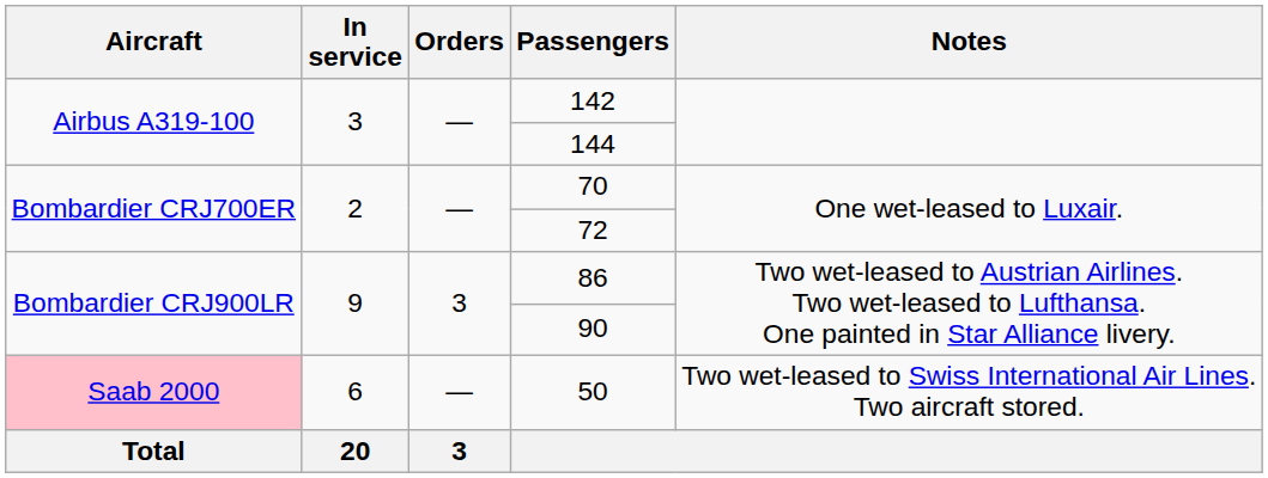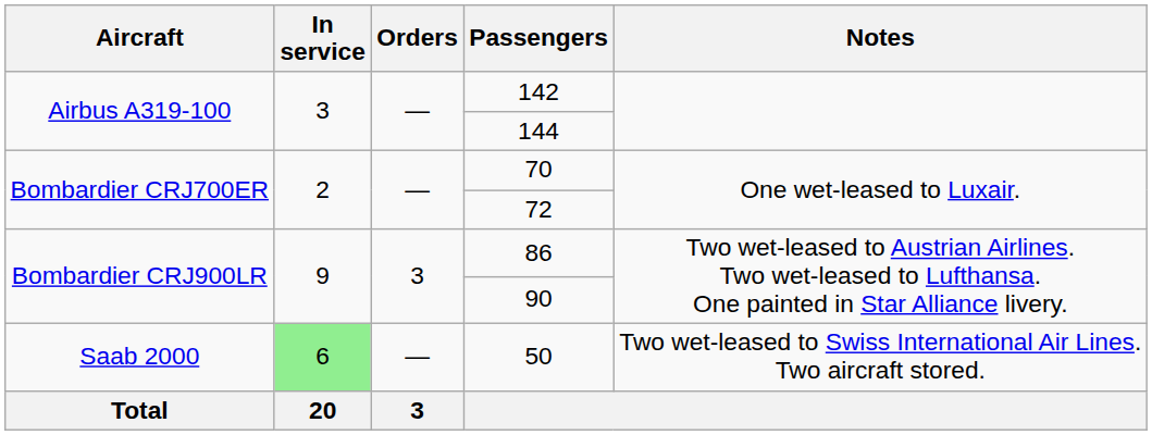 <table class="wikitable" style="margin:0.5em auto; text-align:center">
 <tr>
 <th>Aircraft</th>
 <th>In <br> service</th>
 <th>Orders</th>
 <th>Passengers</th>
 <th>Notes</th>
 </tr>
 <tr>
 <td rowspan=2><a href='#'>Airbus A319-100</a></td>
 <td rowspan=2>3</td>
 <td rowspan=2>—</td>
 <td>142</td>
 <td rowspan=2></td>
 </tr>
 <tr>
 <td>144</td>
 </tr>
 <tr>
 <td rowspan=2><a href='#'>Bombardier CRJ700ER</a></td>
 <td rowspan=2>2</td>
 <td rowspan=2>—</td>
 <td>70</td>
 <td rowspan=2>One wet-leased to <a href='#'>Luxair</a>.</td>
 </tr>
 <tr>
 <td>72</td>
 </tr>
 <tr>
 <td rowspan=2><a href='#'>Bombardier CRJ900LR</a></td>
 <td rowspan=2>9</td>
 <td rowspan=2>3</td>
 <td>86</td>
 <td rowspan=2>Two wet-leased to <a href='#'>Austrian Airlines</a>.<br>Two wet-leased to <a href='#'>Lufthansa</a>.<br>One painted in <a href='#'>Star Alliance</a> livery.</td>
 </tr>
 <tr>
 <td>90</td>
 </tr>
 <tr>
-<td style="background: pink;"><a href='#'>Saab 2000</a></td>
-<td>6</td>
+<td><a href='#'>Saab 2000</a></td>
+<td style="background: lightgreen;">6</td>
 <td>—</td>
 <td>50</td>
 <td>Two wet-leased to <a href='#'>Swiss International Air Lines</a>.<br>Two aircraft stored.</td>
 </tr>
 <tr>
 <th>Total</th>
 <th>20</th>
 <th>3</th>
 <th colspan=2></th>
 </tr>
 </table>
